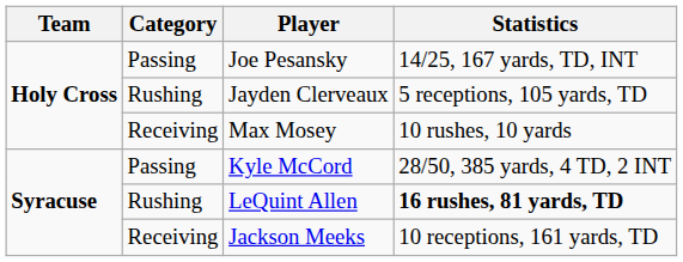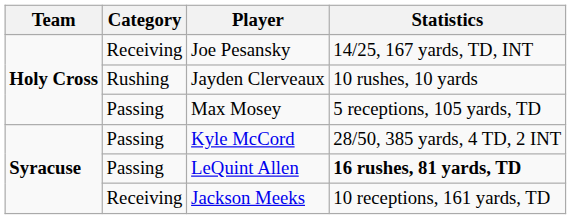 <table class="wikitable" style="float: right;">
 <tr>
 <th>Team</th>
 <th>Category</th>
 <th>Player</th>
 <th>Statistics</th>
 </tr>
 <tr>
 <td rowspan=3><strong>Holy Cross</strong></td>
-<td>Passing</td>
+<td>Receiving</td>
 <td>Joe Pesansky</td>
 <td>14/25, 167 yards, TD, INT</td>
 </tr>
 <tr>
 <td>Rushing</td>
 <td>Jayden Clerveaux</td>
-<td>5 receptions, 105 yards, TD</td>
+<td>10 rushes, 10 yards</td>
 </tr>
 <tr>
-<td>Receiving</td>
+<td>Passing</td>
 <td>Max Mosey</td>
-<td>10 rushes, 10 yards</td>
+<td>5 receptions, 105 yards, TD</td>
 </tr>
 <tr>
 <td rowspan=3><strong>Syracuse</strong></td>
 <td>Passing</td>
 <td><a href='#'>Kyle McCord</a></td>
 <td>28/50, 385 yards, 4 TD, 2 INT</td>
 </tr>
 <tr>
-<td>Rushing</td>
+<td>Passing</td>
 <td><a href='#'>LeQuint Allen</a></td>
 <td><strong>16 rushes, 81 yards, TD</strong></td>
 </tr>
 <tr>
 <td>Receiving</td>
 <td><a href='#'>Jackson Meeks</a></td>
 <td>10 receptions, 161 yards, TD</td>
 </tr>
 </table>
